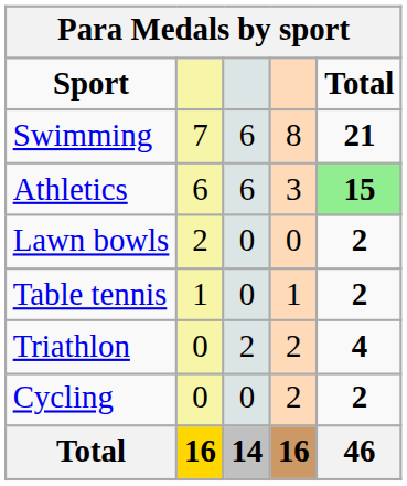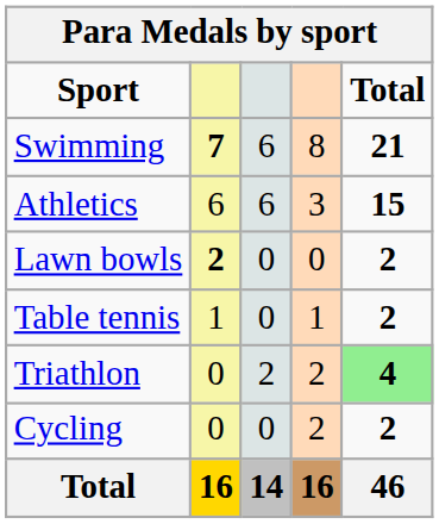 <table class="wikitable" style="font-size:85%;float:right;text-align:center">
 <tr bgcolor=EFEFEF>
 <th colspan=5>Para Medals by sport</th>
 </tr>
 <tr>
 <td><strong>Sport</strong></td>
 <td bgcolor=F7F6A8></td>
 <td bgcolor=DCE5E5></td>
 <td bgcolor=FFDAB9></td>
 <td><strong>Total</strong></td>
 </tr>
 <tr>
 <td align=left><a href='#'>Swimming</a></td>
-<td bgcolor=F7F6A8>7</td>
+<td bgcolor=F7F6A8><strong>7</strong></td>
 <td bgcolor=DCE5E5>6</td>
 <td bgcolor=FFDAB9>8</td>
 <td><strong>21</strong></td>
 </tr>
 <tr>
 <td align=left><a href='#'>Athletics</a></td>
 <td bgcolor=F7F6A8>6</td>
 <td bgcolor=DCE5E5>6</td>
 <td bgcolor=FFDAB9>3</td>
-<td style="background: lightgreen;"><strong>15</strong></td>
+<td><strong>15</strong></td>
 </tr>
 <tr>
 <td align=left><a href='#'>Lawn bowls</a></td>
-<td bgcolor=F7F6A8>2</td>
+<td bgcolor=F7F6A8><strong>2</strong></td>
 <td bgcolor=DCE5E5>0</td>
 <td bgcolor=FFDAB9>0</td>
 <td><strong>2</strong></td>
 </tr>
 <tr>
 <td align=left><a href='#'>Table tennis</a></td>
 <td bgcolor=F7F6A8>1</td>
 <td bgcolor=DCE5E5>0</td>
 <td bgcolor=FFDAB9>1</td>
 <td><strong>2</strong></td>
 </tr>
 <tr>
 <td align=left><a href='#'>Triathlon</a></td>
 <td bgcolor=F7F6A8>0</td>
 <td bgcolor=DCE5E5>2</td>
 <td bgcolor=FFDAB9>2</td>
-<td><strong>4</strong></td>
+<td style="background: lightgreen;"><strong>4</strong></td>
 </tr>
 <tr>
 <td align=left><a href='#'>Cycling</a></td>
 <td bgcolor=F7F6A8>0</td>
 <td bgcolor=DCE5E5>0</td>
 <td bgcolor=FFDAB9>2</td>
 <td><strong>2</strong></td>
 </tr>
 <tr>
 <th>Total</th>
 <th style="background:gold;">16</th>
 <th style="background:silver;">14</th>
 <th style="background:#c96;">16</th>
 <th>46</th>
 </tr>
 </table>
